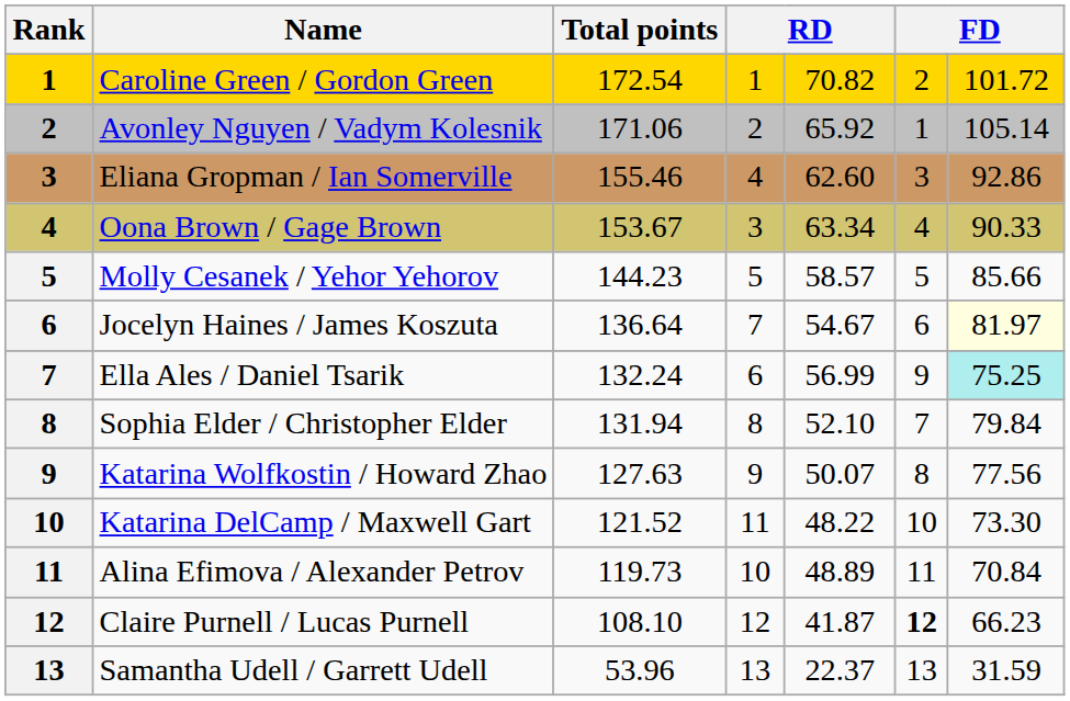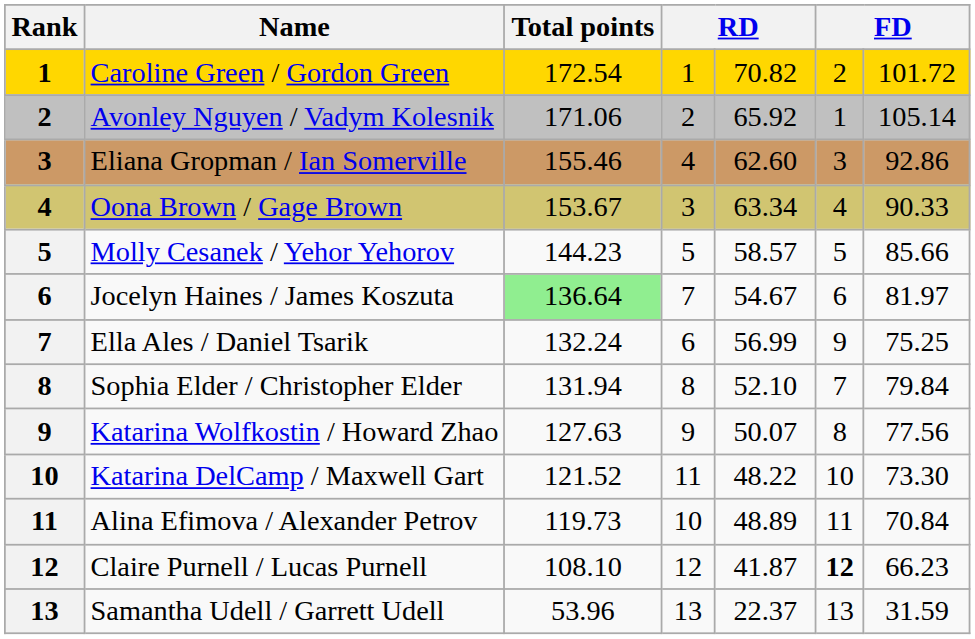 <table class="wikitable sortable">
 <tr>
 <th>Rank</th>
 <th>Name</th>
 <th>Total points</th>
 <th colspan="2" width="80px"><a href='#'>RD</a></th>
 <th colspan="2" width="80px"><a href='#'>FD</a></th>
 </tr>
 <tr bgcolor="gold">
 <td align="center"><strong>1</strong></td>
 <td><a href='#'>Caroline Green</a> / <a href='#'>Gordon Green</a></td>
 <td align="center">172.54</td>
 <td align="center">1</td>
 <td align="center">70.82</td>
 <td align="center">2</td>
 <td align="center">101.72</td>
 </tr>
 <tr bgcolor="silver">
 <td align="center"><strong>2</strong></td>
 <td><a href='#'>Avonley Nguyen</a> / <a href='#'>Vadym Kolesnik</a></td>
 <td align="center">171.06</td>
 <td align="center">2</td>
 <td align="center">65.92</td>
 <td align="center">1</td>
 <td align="center">105.14</td>
 </tr>
 <tr bgcolor="cc9966">
 <td align="center"><strong>3</strong></td>
 <td>Eliana Gropman / <a href='#'>Ian Somerville</a></td>
 <td align="center">155.46</td>
 <td align="center">4</td>
 <td align="center">62.60</td>
 <td align="center">3</td>
 <td align="center">92.86</td>
 </tr>
 <tr bgcolor="#d1c571">
 <td align="center"><strong>4</strong></td>
 <td><a href='#'>Oona Brown</a> / <a href='#'>Gage Brown</a></td>
 <td align="center">153.67</td>
 <td align="center">3</td>
 <td align="center">63.34</td>
 <td align="center">4</td>
 <td align="center">90.33</td>
 </tr>
 <tr>
 <th>5</th>
 <td><a href='#'>Molly Cesanek</a> / <a href='#'>Yehor Yehorov</a></td>
 <td align="center">144.23</td>
 <td align="center">5</td>
 <td align="center">58.57</td>
 <td align="center">5</td>
 <td align="center">85.66</td>
 </tr>
 <tr>
 <th>6</th>
 <td>Jocelyn Haines / James Koszuta</td>
-<td align="center">136.64</td>
+<td align="center" style="background: lightgreen;">136.64</td>
 <td align="center">7</td>
 <td align="center">54.67</td>
 <td align="center">6</td>
-<td align="center" style="background: lightyellow;">81.97</td>
+<td align="center">81.97</td>
 </tr>
 <tr>
 <th>7</th>
 <td>Ella Ales / Daniel Tsarik</td>
 <td align="center">132.24</td>
 <td align="center">6</td>
 <td align="center">56.99</td>
 <td align="center">9</td>
-<td align="center" style="background: paleturquoise;">75.25</td>
+<td align="center">75.25</td>
 </tr>
 <tr>
 <th>8</th>
 <td>Sophia Elder / Christopher Elder</td>
 <td align="center">131.94</td>
 <td align="center">8</td>
 <td align="center">52.10</td>
 <td align="center">7</td>
 <td align="center">79.84</td>
 </tr>
 <tr>
 <th>9</th>
 <td><a href='#'>Katarina Wolfkostin</a> / Howard Zhao</td>
 <td align="center">127.63</td>
 <td align="center">9</td>
 <td align="center">50.07</td>
 <td align="center">8</td>
 <td align="center">77.56</td>
 </tr>
 <tr>
 <th>10</th>
 <td><a href='#'>Katarina DelCamp</a> / Maxwell Gart</td>
 <td align="center">121.52</td>
 <td align="center">11</td>
 <td align="center">48.22</td>
 <td align="center">10</td>
 <td align="center">73.30</td>
 </tr>
 <tr>
 <th>11</th>
 <td>Alina Efimova / Alexander Petrov</td>
 <td align="center">119.73</td>
 <td align="center">10</td>
 <td align="center">48.89</td>
 <td align="center">11</td>
 <td align="center">70.84</td>
 </tr>
 <tr>
 <th>12</th>
 <td>Claire Purnell / Lucas Purnell</td>
 <td align="center">108.10</td>
 <td align="center">12</td>
 <td align="center">41.87</td>
 <td align="center"><strong>12</strong></td>
 <td align="center">66.23</td>
 </tr>
 <tr>
 <th>13</th>
 <td>Samantha Udell / Garrett Udell</td>
 <td align="center">53.96</td>
 <td align="center">13</td>
 <td align="center">22.37</td>
 <td align="center">13</td>
 <td align="center">31.59</td>
 </tr>
 </table>
